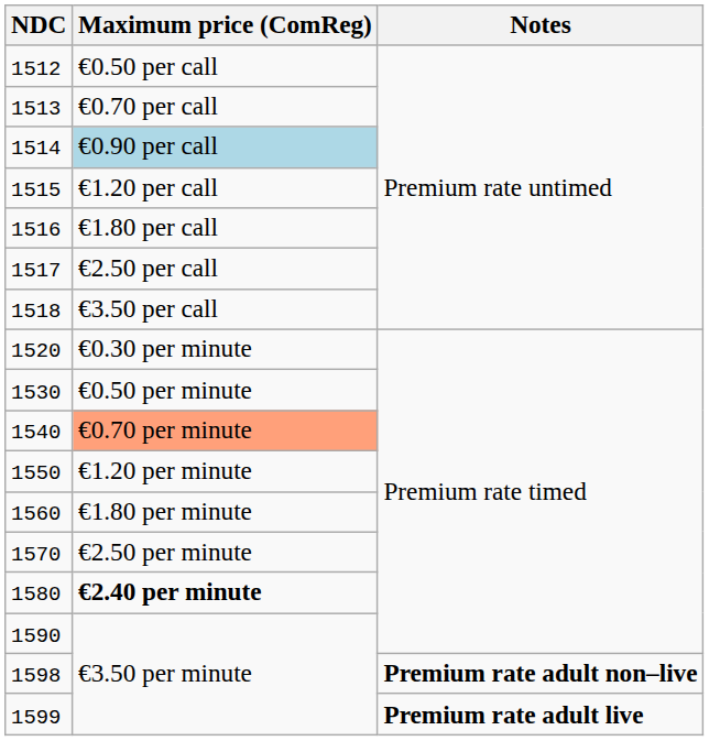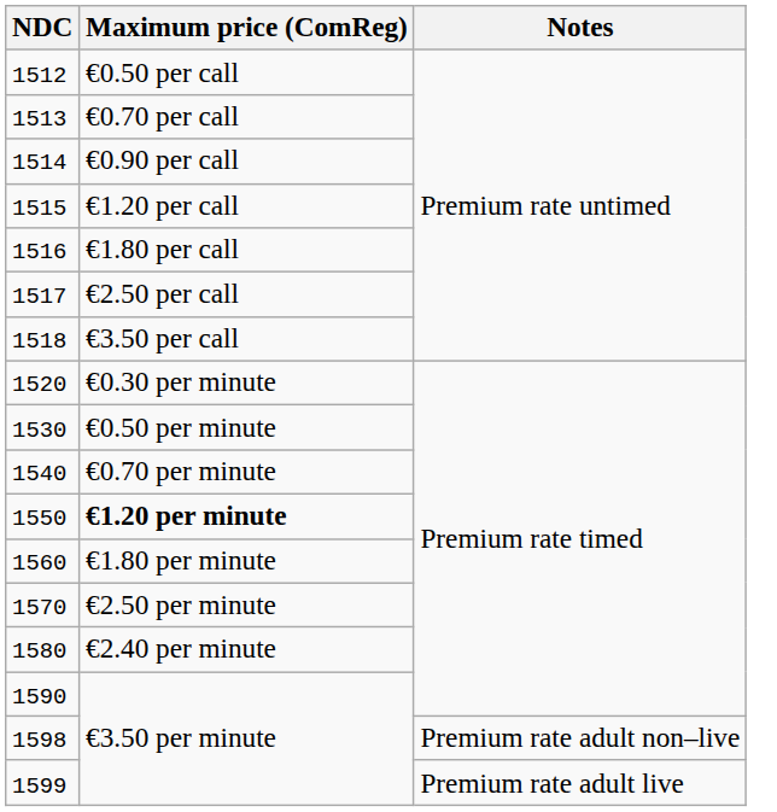 <table class="wikitable">
 <tr>
 <th>NDC</th>
 <th>Maximum price (ComReg)</th>
 <th>Notes</th>
 </tr>
 <tr>
 <td><code>1512</code></td>
 <td>€0.50 per call</td>
 <td rowspan="7">Premium rate untimed</td>
 </tr>
 <tr>
 <td><code>1513</code></td>
 <td>€0.70 per call</td>
 </tr>
 <tr>
 <td><code>1514</code></td>
-<td style="background: lightblue;">€0.90 per call</td>
+<td>€0.90 per call</td>
 </tr>
 <tr>
 <td><code>1515</code></td>
 <td>€1.20 per call</td>
 </tr>
 <tr>
 <td><code>1516</code></td>
 <td>€1.80 per call</td>
 </tr>
 <tr>
 <td><code>1517</code></td>
 <td>€2.50 per call</td>
 </tr>
 <tr>
 <td><code>1518</code></td>
 <td>€3.50 per call</td>
 </tr>
 <tr>
 <td><code>1520</code></td>
 <td>€0.30 per minute</td>
 <td rowspan="8">Premium rate timed</td>
 </tr>
 <tr>
 <td><code>1530</code></td>
 <td>€0.50 per minute</td>
 </tr>
 <tr>
 <td><code>1540</code></td>
-<td style="background: lightsalmon;">€0.70 per minute</td>
+<td>€0.70 per minute</td>
 </tr>
 <tr>
 <td><code>1550</code></td>
-<td>€1.20 per minute</td>
+<td><strong>€1.20 per minute</strong></td>
 </tr>
 <tr>
 <td><code>1560</code></td>
 <td>€1.80 per minute</td>
 </tr>
 <tr>
 <td><code>1570</code></td>
 <td>€2.50 per minute</td>
 </tr>
 <tr>
 <td><code>1580</code></td>
-<td><strong>€2.40 per minute</strong></td>
+<td>€2.40 per minute</td>
 </tr>
 <tr>
 <td><code>1590</code></td>
 <td rowspan="3">€3.50 per minute</td>
 </tr>
 <tr>
 <td><code>1598</code></td>
-<td><strong>Premium rate adult non–live</strong></td>
+<td>Premium rate adult non–live</td>
 </tr>
 <tr>
 <td><code>1599</code></td>
-<td><strong>Premium rate adult live</strong></td>
+<td>Premium rate adult live</td>
 </tr>
 </table>
